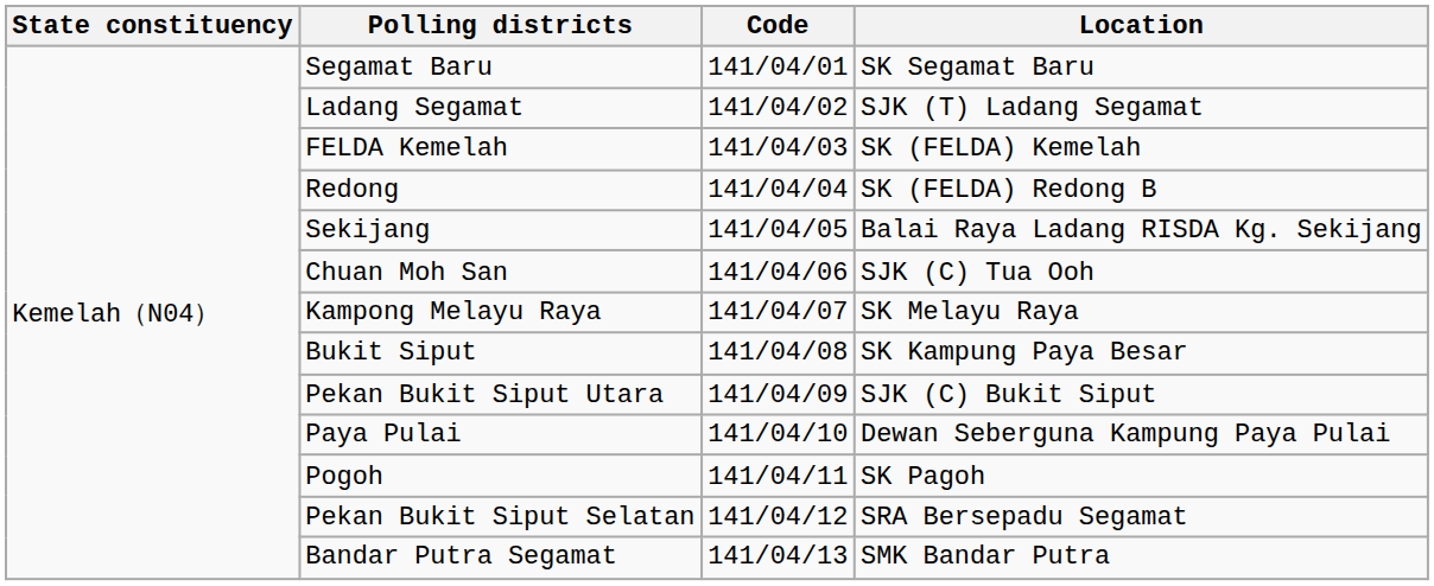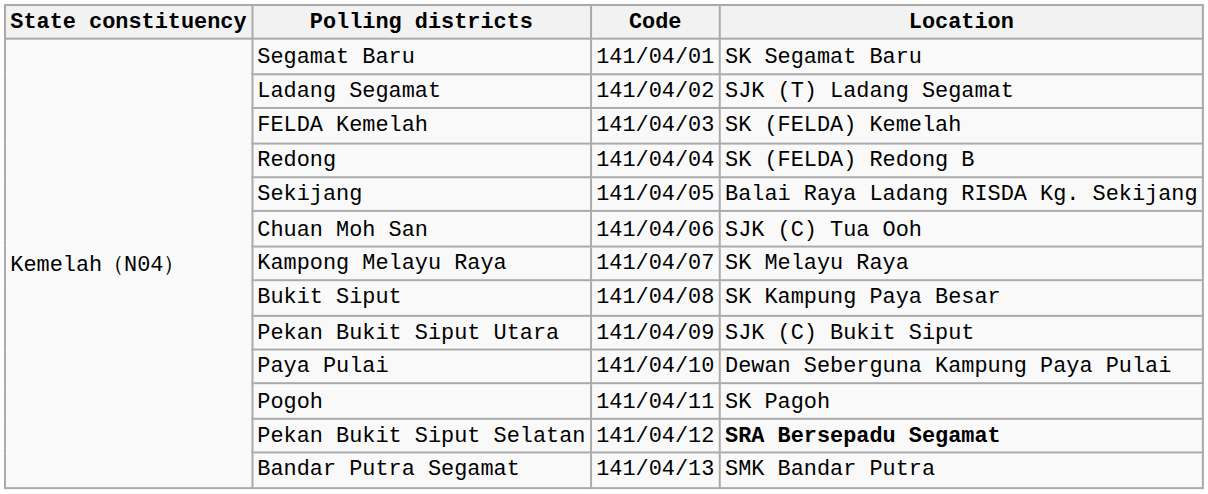 <table class="wikitable sortable mw-collapsible" style="white-space:nowrap;font-size:85%">
 <tr>
 <th>State constituency</th>
 <th>Polling districts</th>
 <th>Code</th>
 <th>Location</th>
 </tr>
 <tr>
 <td rowspan="13">Kemelah（N04）</td>
 <td>Segamat Baru</td>
 <td>141/04/01</td>
 <td>SK Segamat Baru</td>
 </tr>
 <tr>
 <td>Ladang Segamat</td>
 <td>141/04/02</td>
 <td>SJK (T) Ladang Segamat</td>
 </tr>
 <tr>
 <td>FELDA Kemelah</td>
 <td>141/04/03</td>
 <td>SK (FELDA) Kemelah</td>
 </tr>
 <tr>
 <td>Redong</td>
 <td>141/04/04</td>
 <td>SK (FELDA) Redong B</td>
 </tr>
 <tr>
 <td>Sekijang</td>
 <td>141/04/05</td>
 <td>Balai Raya Ladang RISDA Kg. Sekijang</td>
 </tr>
 <tr>
 <td>Chuan Moh San</td>
 <td>141/04/06</td>
 <td>SJK (C) Tua Ooh</td>
 </tr>
 <tr>
 <td>Kampong Melayu Raya</td>
 <td>141/04/07</td>
 <td>SK Melayu Raya</td>
 </tr>
 <tr>
 <td>Bukit Siput</td>
 <td>141/04/08</td>
 <td>SK Kampung Paya Besar</td>
 </tr>
 <tr>
 <td>Pekan Bukit Siput Utara</td>
 <td>141/04/09</td>
 <td>SJK (C) Bukit Siput</td>
 </tr>
 <tr>
 <td>Paya Pulai</td>
 <td>141/04/10</td>
 <td>Dewan Seberguna Kampung Paya Pulai</td>
 </tr>
 <tr>
 <td>Pogoh</td>
 <td>141/04/11</td>
 <td>SK Pagoh</td>
 </tr>
 <tr>
 <td>Pekan Bukit Siput Selatan</td>
 <td>141/04/12</td>
-<td>SRA Bersepadu Segamat</td>
+<td><strong>SRA Bersepadu Segamat</strong></td>
 </tr>
 <tr>
 <td>Bandar Putra Segamat</td>
 <td>141/04/13</td>
 <td>SMK Bandar Putra</td>
 </tr>
 </table>
